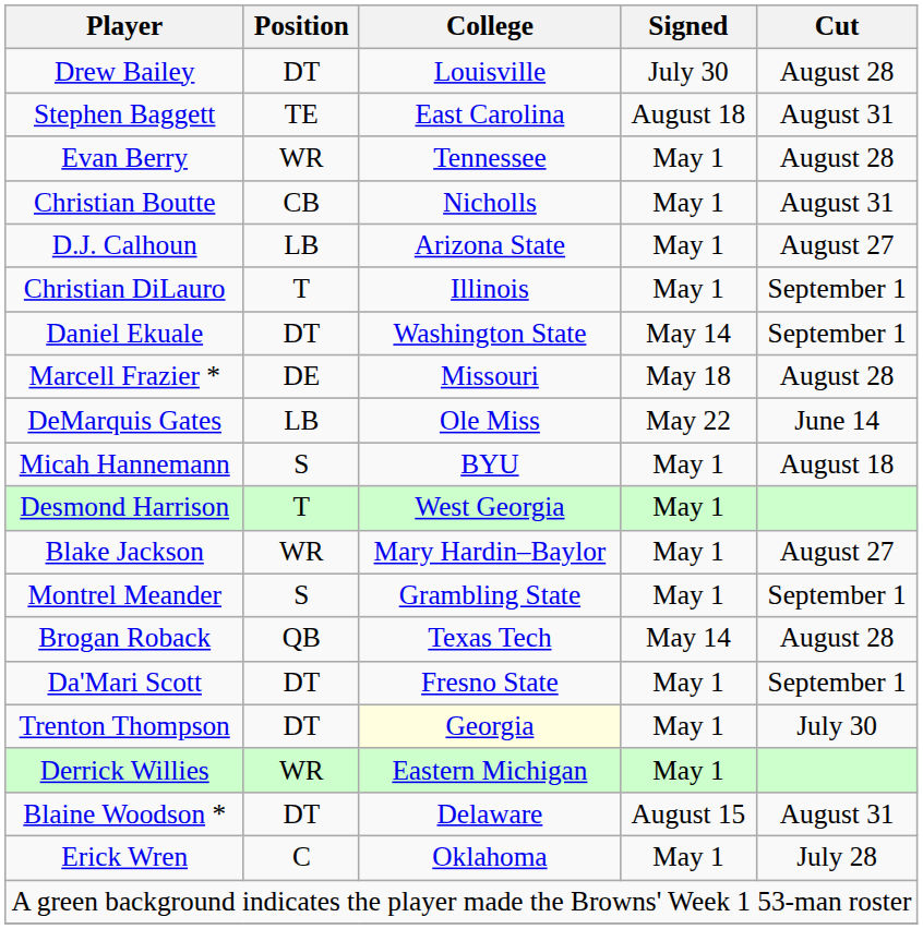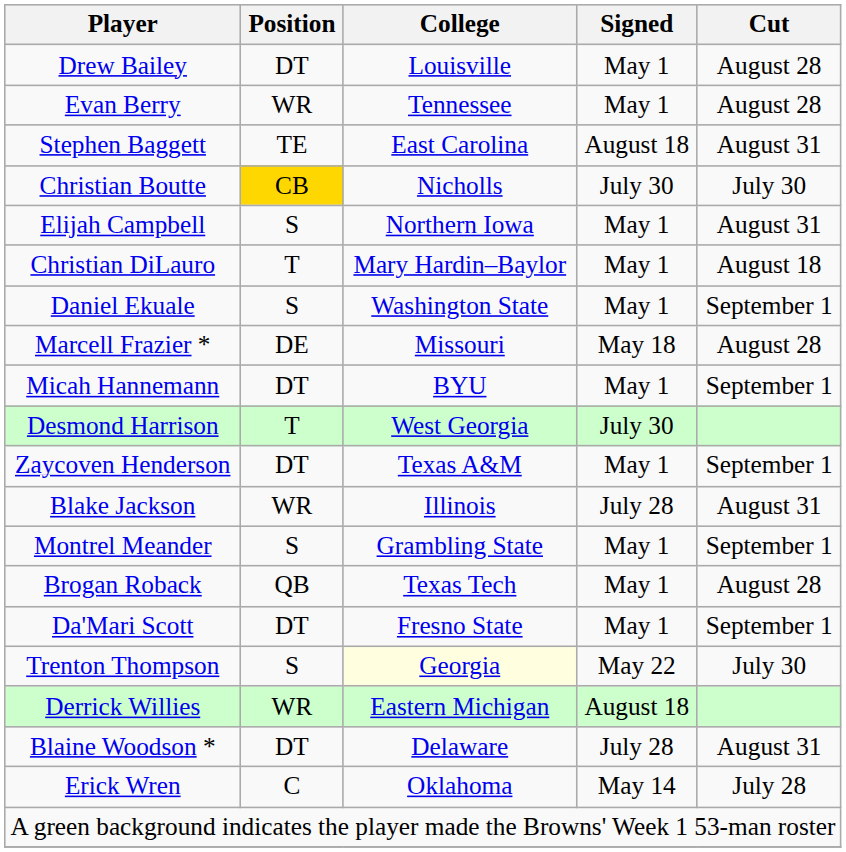 <table class="wikitable" style="text-align:center">
 <tr>
 <th>Player</th>
 <th>Position</th>
 <th>College</th>
 <th>Signed</th>
 <th>Cut</th>
 </tr>
 <tr>
 <td><a href='#'>Drew Bailey</a></td>
 <td>DT</td>
 <td><a href='#'>Louisville</a></td>
-<td>July 30</td>
+<td>May 1</td>
+<td>August 28</td>
+</tr>
+<tr>
+<td><a href='#'>Evan Berry</a></td>
+<td>WR</td>
+<td><a href='#'>Tennessee</a></td>
+<td>May 1</td>
 <td>August 28</td>
 </tr>
 <tr>
 <td><a href='#'>Stephen Baggett</a></td>
 <td>TE</td>
 <td><a href='#'>East Carolina</a></td>
 <td>August 18</td>
 <td>August 31</td>
 </tr>
 <tr>
-<td><a href='#'>Evan Berry</a></td>
-<td>WR</td>
-<td><a href='#'>Tennessee</a></td>
-<td>May 1</td>
-<td>August 28</td>
+<td><a href='#'>Christian Boutte</a></td>
+<td style="background: gold;">CB</td>
+<td><a href='#'>Nicholls</a></td>
+<td>July 30</td>
+<td>July 30</td>
 </tr>
 <tr>
-<td><a href='#'>Christian Boutte</a></td>
-<td>CB</td>
-<td><a href='#'>Nicholls</a></td>
+<td><a href='#'>Elijah Campbell</a></td>
+<td>S</td>
+<td><a href='#'>Northern Iowa</a></td>
 <td>May 1</td>
 <td>August 31</td>
 </tr>
 <tr>
-<td><a href='#'>D.J. Calhoun</a></td>
-<td>LB</td>
-<td><a href='#'>Arizona State</a></td>
-<td>May 1</td>
-<td>August 27</td>
-</tr>
-<tr>
 <td><a href='#'>Christian DiLauro</a></td>
 <td>T</td>
-<td><a href='#'>Illinois</a></td>
+<td><a href='#'>Mary Hardin–Baylor</a></td>
 <td>May 1</td>
-<td>September 1</td>
+<td>August 18</td>
 </tr>
 <tr>
 <td><a href='#'>Daniel Ekuale</a></td>
-<td>DT</td>
+<td>S</td>
 <td><a href='#'>Washington State</a></td>
-<td>May 14</td>
+<td>May 1</td>
 <td>September 1</td>
 </tr>
 <tr>
 <td><a href='#'>Marcell Frazier</a> *</td>
 <td>DE</td>
 <td><a href='#'>Missouri</a></td>
 <td>May 18</td>
 <td>August 28</td>
 </tr>
 <tr>
-<td><a href='#'>DeMarquis Gates</a></td>
-<td>LB</td>
-<td><a href='#'>Ole Miss</a></td>
-<td>May 22</td>
-<td>June 14</td>
-</tr>
-<tr>
 <td><a href='#'>Micah Hannemann</a></td>
-<td>S</td>
+<td>DT</td>
 <td><a href='#'>BYU</a></td>
 <td>May 1</td>
-<td>August 18</td>
+<td>September 1</td>
 </tr>
 <tr bgcolor="#ccffcc">
 <td><a href='#'>Desmond Harrison</a></td>
 <td>T</td>
 <td><a href='#'>West Georgia</a></td>
+<td>July 30</td>
+<td></td>
+</tr>
+<tr>
+<td><a href='#'>Zaycoven Henderson</a></td>
+<td>DT</td>
+<td><a href='#'>Texas A&M</a></td>
 <td>May 1</td>
-<td></td>
+<td>September 1</td>
 </tr>
 <tr>
 <td><a href='#'>Blake Jackson</a></td>
 <td>WR</td>
-<td><a href='#'>Mary Hardin–Baylor</a></td>
-<td>May 1</td>
-<td>August 27</td>
+<td><a href='#'>Illinois</a></td>
+<td>July 28</td>
+<td>August 31</td>
 </tr>
 <tr>
 <td><a href='#'>Montrel Meander</a></td>
 <td>S</td>
 <td><a href='#'>Grambling State</a></td>
 <td>May 1</td>
 <td>September 1</td>
 </tr>
 <tr>
 <td><a href='#'>Brogan Roback</a></td>
 <td>QB</td>
 <td><a href='#'>Texas Tech</a></td>
-<td>May 14</td>
+<td>May 1</td>
 <td>August 28</td>
 </tr>
 <tr>
 <td><a href='#'>Da'Mari Scott</a></td>
 <td>DT</td>
 <td><a href='#'>Fresno State</a></td>
 <td>May 1</td>
 <td>September 1</td>
 </tr>
 <tr>
 <td><a href='#'>Trenton Thompson</a></td>
-<td>DT</td>
+<td>S</td>
 <td style="background: lightyellow;"><a href='#'>Georgia</a></td>
-<td>May 1</td>
+<td>May 22</td>
 <td>July 30</td>
 </tr>
 <tr bgcolor="#ccffcc">
 <td><a href='#'>Derrick Willies</a></td>
 <td>WR</td>
 <td><a href='#'>Eastern Michigan</a></td>
-<td>May 1</td>
+<td>August 18</td>
 <td></td>
 </tr>
 <tr>
 <td><a href='#'>Blaine Woodson</a> *</td>
 <td>DT</td>
 <td><a href='#'>Delaware</a></td>
-<td>August 15</td>
+<td>July 28</td>
 <td>August 31</td>
 </tr>
 <tr>
 <td><a href='#'>Erick Wren</a></td>
 <td>C</td>
 <td><a href='#'>Oklahoma</a></td>
-<td>May 1</td>
+<td>May 14</td>
 <td>July 28</td>
 </tr>
 <tr>
 <td colspan="5">A green background indicates the player made the Browns' Week 1 53-man roster</td>
 </tr>
 <tr>
 </tr>
 </table>
